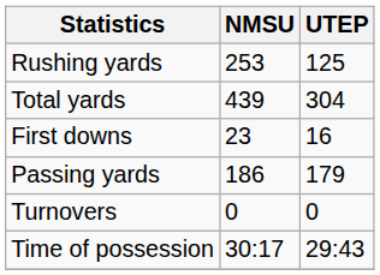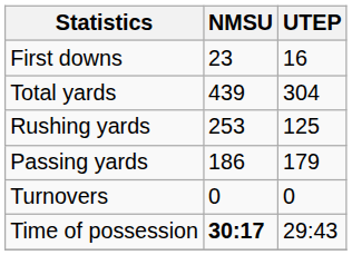 <table class="wikitable" style="float: left;">
 <tr>
 <th>Statistics</th>
 <th>NMSU</th>
 <th>UTEP</th>
 </tr>
 <tr>
-<td>Rushing yards</td>
-<td>253</td>
-<td>125</td>
+<td>First downs</td>
+<td>23</td>
+<td>16</td>
 </tr>
 <tr>
 <td>Total yards</td>
 <td>439</td>
 <td>304</td>
 </tr>
 <tr>
-<td>First downs</td>
-<td>23</td>
-<td>16</td>
+<td>Rushing yards</td>
+<td>253</td>
+<td>125</td>
 </tr>
 <tr>
 <td>Passing yards</td>
 <td>186</td>
 <td>179</td>
 </tr>
 <tr>
 <td>Turnovers</td>
 <td>0</td>
 <td>0</td>
 </tr>
 <tr>
 <td>Time of possession</td>
-<td>30:17</td>
+<td><strong>30:17</strong></td>
 <td>29:43</td>
 </tr>
 <tr>
 </tr>
 </table>
